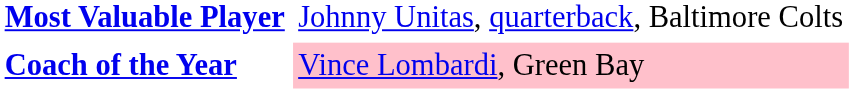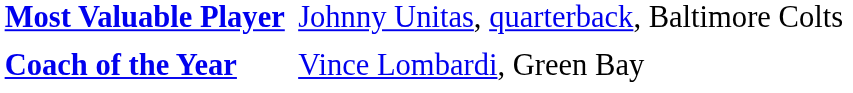 <table cellpadding="3" cellspacing="1">
 <tr>
 <td><strong><a href='#'>Most Valuable Player</a></strong></td>
 <td><a href='#'>Johnny Unitas</a>, <a href='#'>quarterback</a>, Baltimore Colts</td>
 </tr>
 <tr>
 <td><strong><a href='#'>Coach of the Year</a></strong></td>
-<td style="background: pink;"><a href='#'>Vince Lombardi</a>, Green Bay</td>
+<td><a href='#'>Vince Lombardi</a>, Green Bay</td>
 </tr>
 </table>
